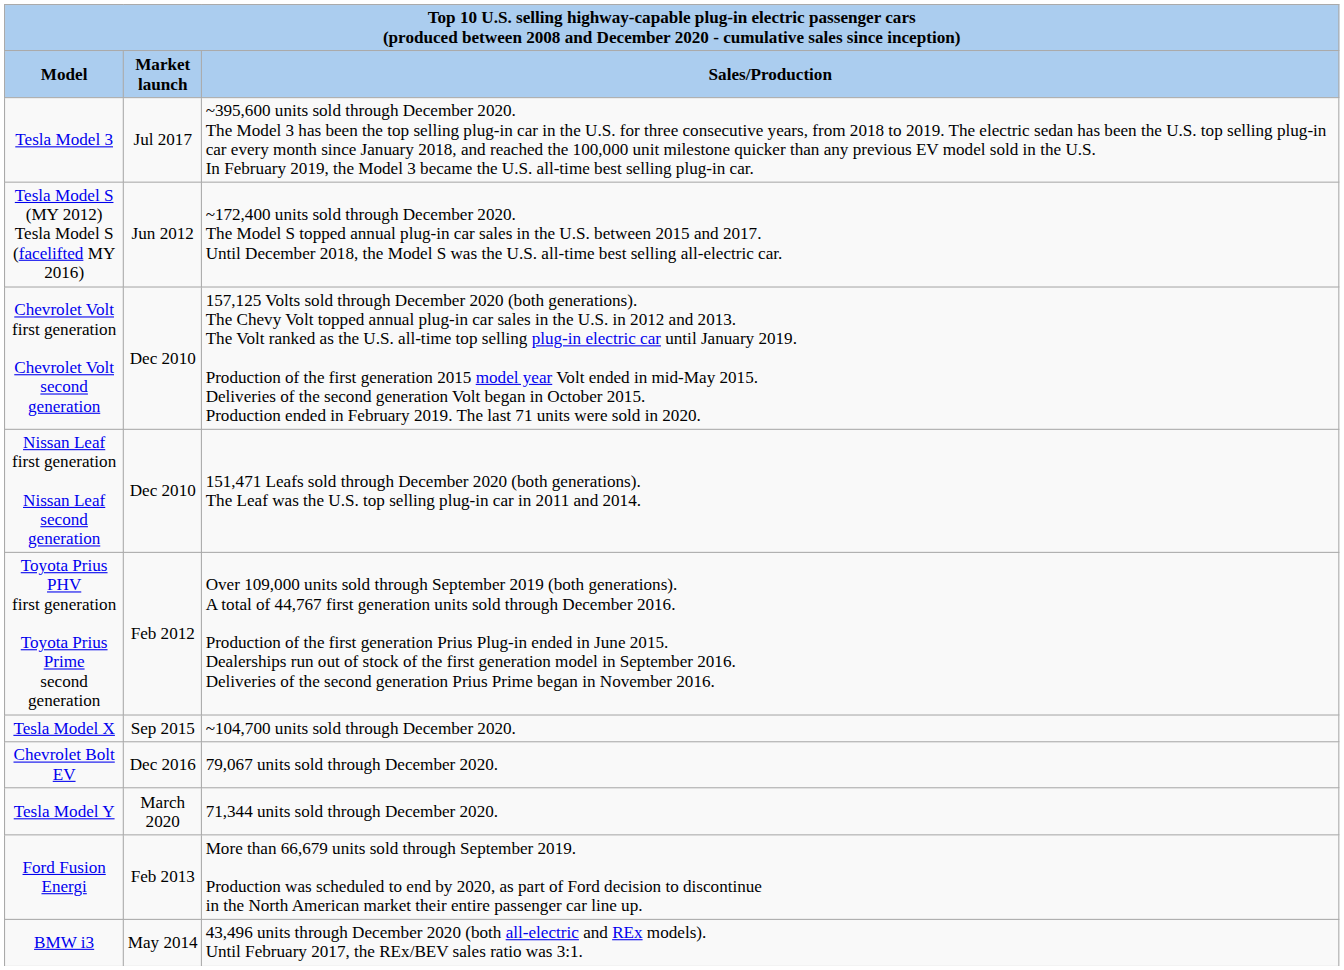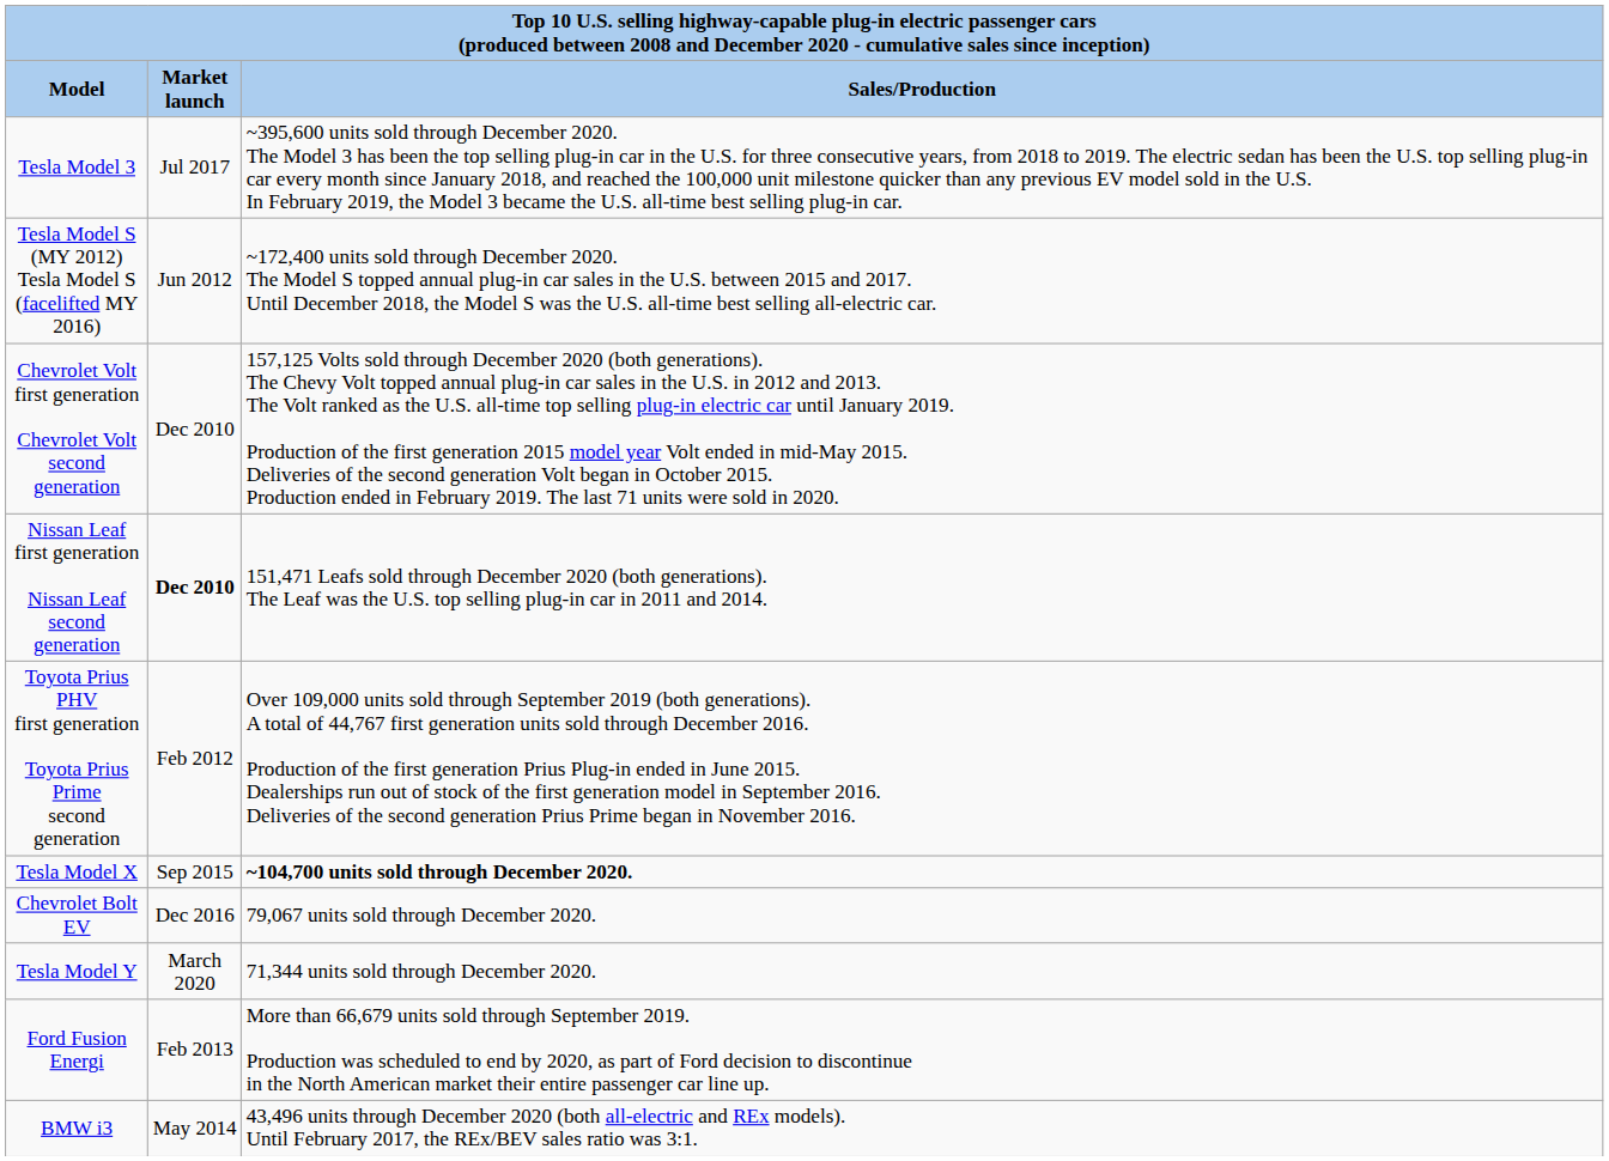 <table class="wikitable">
 <tr>
 <th colspan="3"  style="text-align:center; background:#abcdef;">Top 10 U.S. selling highway-capable plug-in electric passenger cars <br>(produced between 2008 and December 2020 - cumulative sales since inception)</th>
 </tr>
 <tr>
 <th style="background:#ABCDEF;">Model</th>
 <th style="background:#abcdef;">Market<br>launch</th>
 <th style="background:#abcdef;">Sales/Production</th>
 </tr>
 <tr align=center>
 <td><a href='#'>Tesla Model 3</a></td>
 <td>Jul 2017</td>
 <td align=left>~395,600 units sold through December 2020. <br>The Model 3 has been the top selling plug-in car in the U.S. for three consecutive years, from 2018 to 2019. The electric sedan has been the U.S. top selling plug-in car every month since January 2018, and reached the 100,000 unit milestone quicker than any previous EV model sold in the U.S.<br>In February 2019, the Model 3 became the U.S. all-time best selling plug-in car.</td>
 </tr>
 <tr align=center>
 <td><a href='#'>Tesla Model S</a><br>(MY 2012)<br>Tesla Model S<br>(<a href='#'>facelifted</a> MY 2016)</td>
 <td>Jun 2012</td>
 <td align=left>~172,400 units sold through December 2020. <br>The Model S topped annual plug-in car sales in the U.S. between 2015 and 2017. <br> Until December 2018, the Model S was the U.S. all-time best selling all-electric car.</td>
 </tr>
 <tr align=center>
 <td><a href='#'>Chevrolet Volt</a><br>first generation<br><br><a href='#'>Chevrolet Volt<br>second generation</a></td>
 <td>Dec 2010</td>
 <td align=left>157,125 Volts sold through December 2020 (both generations).<br>The Chevy Volt topped annual plug-in car sales in the U.S. in 2012 and 2013.<br>The Volt ranked as the U.S. all-time top selling <a href='#'>plug-in electric car</a> until January 2019.<br><br>Production of the first generation 2015 <a href='#'>model year</a> Volt ended in mid-May 2015.<br>Deliveries of the second generation Volt began in October 2015.<br> Production ended in February 2019. The last 71 units were sold in 2020.</td>
 </tr>
 <tr align=center>
 <td><a href='#'>Nissan Leaf</a><br>first generation<br><br><a href='#'>Nissan Leaf<br>second generation</a></td>
-<td>Dec 2010</td>
+<td><strong>Dec 2010</strong></td>
 <td align=left>151,471 Leafs sold through December 2020 (both generations).<br>The Leaf was the U.S. top selling plug-in car in 2011 and 2014.</td>
 </tr>
 <tr align=center>
 <td><a href='#'>Toyota Prius PHV</a><br>first generation<br><br><a href='#'>Toyota Prius Prime</a><br>second generation</td>
 <td>Feb 2012</td>
 <td align=left>Over 109,000 units sold through September 2019 (both generations).<br> A total of 44,767 first generation units sold through December 2016.<br><br>Production of the first generation Prius Plug-in ended in June 2015.<br>Dealerships run out of stock of the first generation model in September 2016.<br> Deliveries of the second generation Prius Prime began in November 2016.</td>
 </tr>
 <tr align=center>
 <td><a href='#'>Tesla Model X</a></td>
 <td>Sep 2015</td>
-<td align=left>~104,700 units sold through December 2020.</td>
+<td align=left><strong>~104,700 units sold through December 2020.</strong></td>
 </tr>
 <tr align=center>
 <td><a href='#'>Chevrolet Bolt EV</a></td>
 <td>Dec 2016</td>
 <td align=left>79,067 units sold through December 2020.</td>
 </tr>
 <tr align=center>
 <td><a href='#'>Tesla Model Y</a></td>
 <td>March 2020</td>
 <td align=left>71,344 units sold through December 2020.</td>
 </tr>
 <tr align=center>
 <td><a href='#'>Ford Fusion Energi</a></td>
 <td>Feb 2013</td>
 <td align=left>More than 66,679 units sold through September 2019.<br><br>Production was scheduled to end by 2020, as part of Ford decision to discontinue<br> in the North American market their entire passenger car line up.</td>
 </tr>
 <tr align=center>
 <td><a href='#'>BMW i3</a></td>
 <td>May 2014</td>
 <td align=left>43,496 units through December 2020 (both <a href='#'>all-electric</a> and <a href='#'>REx</a> models).<br>Until February 2017, the REx/BEV sales ratio was 3:1.<br></td>
 </tr>
 </table>
